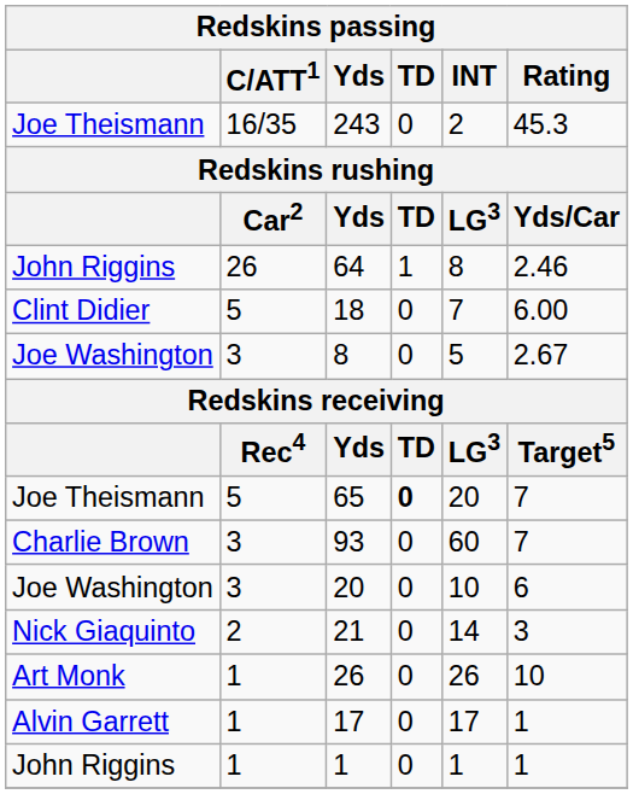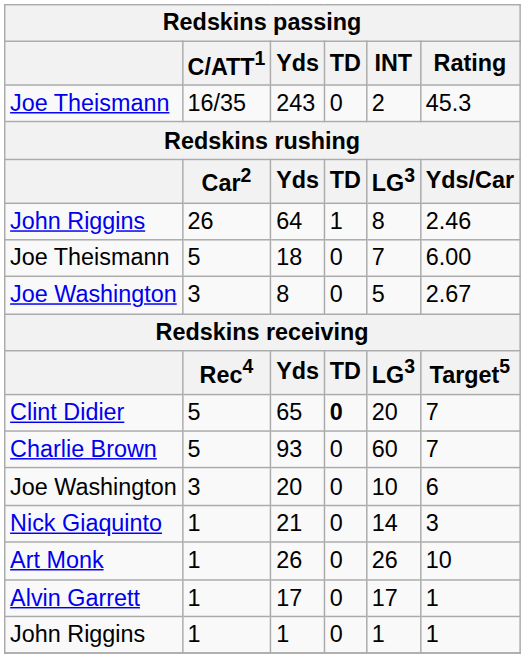 <table class="wikitable">
 <tr>
 <th colspan="6">Redskins passing</th>
 </tr>
 <tr>
 <th></th>
 <th>C/ATT<sup>1</sup></th>
 <th>Yds</th>
 <th>TD</th>
 <th>INT</th>
 <th>Rating</th>
 </tr>
 <tr>
 <td><a href='#'>Joe Theismann</a></td>
 <td>16/35</td>
 <td>243</td>
 <td>0</td>
 <td>2</td>
 <td>45.3</td>
 </tr>
 <tr>
 <th colspan="6">Redskins rushing</th>
 </tr>
 <tr>
 <th></th>
 <th>Car<sup>2</sup></th>
 <th>Yds</th>
 <th>TD</th>
 <th>LG<sup>3</sup></th>
 <th>Yds/Car</th>
 </tr>
 <tr>
 <td><a href='#'>John Riggins</a></td>
 <td>26</td>
 <td>64</td>
 <td>1</td>
 <td>8</td>
 <td>2.46</td>
 </tr>
 <tr>
-<td><a href='#'>Clint Didier</a></td>
+<td>Joe Theismann</td>
 <td>5</td>
 <td>18</td>
 <td>0</td>
 <td>7</td>
 <td>6.00</td>
 </tr>
 <tr>
 <td><a href='#'>Joe Washington</a></td>
 <td>3</td>
 <td>8</td>
 <td>0</td>
 <td>5</td>
 <td>2.67</td>
 </tr>
 <tr>
 <th colspan="6">Redskins receiving</th>
 </tr>
 <tr>
 <th></th>
 <th>Rec<sup>4</sup></th>
 <th>Yds</th>
 <th>TD</th>
 <th>LG<sup>3</sup></th>
 <th>Target<sup>5</sup></th>
 </tr>
 <tr>
-<td>Joe Theismann</td>
+<td><a href='#'>Clint Didier</a></td>
 <td>5</td>
 <td>65</td>
 <td><strong>0</strong></td>
 <td>20</td>
 <td>7</td>
 </tr>
 <tr>
 <td><a href='#'>Charlie Brown</a></td>
-<td>3</td>
+<td>5</td>
 <td>93</td>
 <td>0</td>
 <td>60</td>
 <td>7</td>
 </tr>
 <tr>
 <td>Joe Washington</td>
 <td>3</td>
 <td>20</td>
 <td>0</td>
 <td>10</td>
 <td>6</td>
 </tr>
 <tr>
 <td><a href='#'>Nick Giaquinto</a></td>
-<td>2</td>
+<td>1</td>
 <td>21</td>
 <td>0</td>
 <td>14</td>
 <td>3</td>
 </tr>
 <tr>
 <td><a href='#'>Art Monk</a></td>
 <td>1</td>
 <td>26</td>
 <td>0</td>
 <td>26</td>
 <td>10</td>
 </tr>
 <tr>
 <td><a href='#'>Alvin Garrett</a></td>
 <td>1</td>
 <td>17</td>
 <td>0</td>
 <td>17</td>
 <td>1</td>
 </tr>
 <tr>
 <td>John Riggins</td>
 <td>1</td>
 <td>1</td>
 <td>0</td>
 <td>1</td>
 <td>1</td>
 </tr>
 <tr>
 </tr>
 </table>
